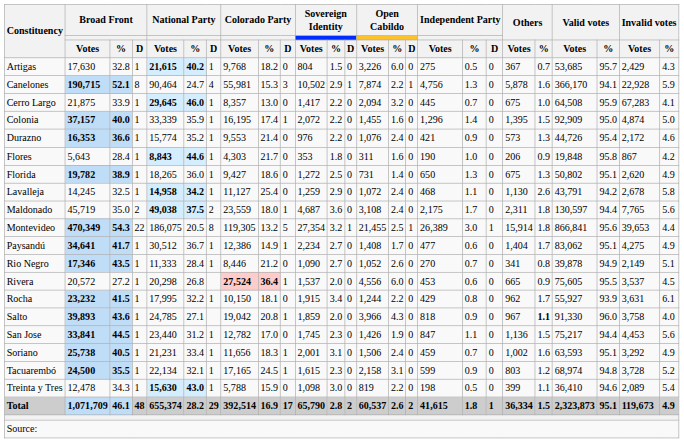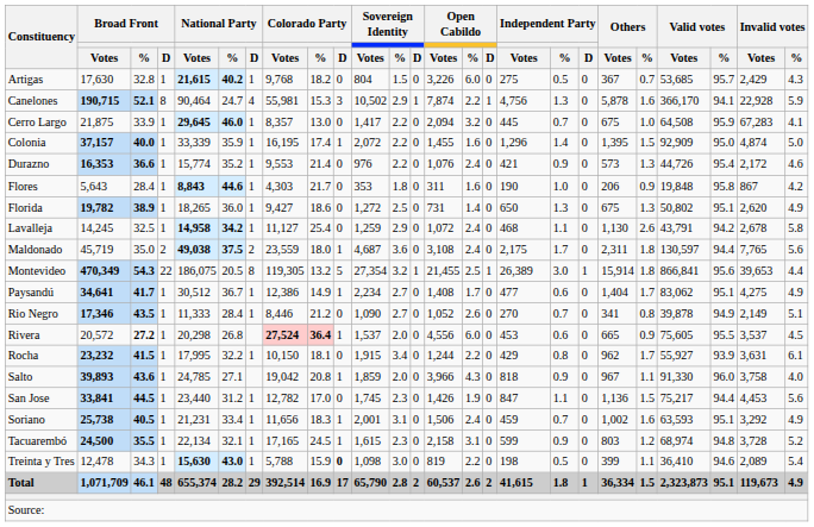 <table class="wikitable sortable collapsible collapsed tpl-blanktable" style="text-align:left; font-size:95%; line-height:20px;">
 <tr>
 <th rowspan="3">Constituency</th>
 <th colspan="3" width="30px" class="unsortable">Broad Front</th>
 <th colspan="3" width="30px" class="unsortable">National Party</th>
 <th colspan="3" width="30px" class="unsortable">Colorado Party</th>
 <th colspan="3" width="30px" class="unsortable">Sovereign Identity</th>
 <th colspan="3" width="30px" class="unsortable">Open Cabildo</th>
 <th colspan="3">Independent Party</th>
 <th colspan="2" rowspan="2">Others</th>
 <th colspan="2" rowspan="2">Valid votes</th>
 <th colspan="2" rowspan="2">Invalid votes</th>
 </tr>
 <tr>
 <th colspan="3" style="background:"></th>
 <th colspan="3" style="background:"></th>
 <th colspan="3" style="background:"></th>
 <th colspan="3" style="background:#002cfe"></th>
 <th colspan="3" style="background:#FBC22B"></th>
 <th colspan="3" style="background:"></th>
 </tr>
 <tr>
 <th data-sort-type="number">Votes</th>
 <th data-sort-type="number">%</th>
 <th>D</th>
 <th data-sort-type="number">Votes</th>
 <th data-sort-type="number">%</th>
 <th>D</th>
 <th data-sort-type="number">Votes</th>
 <th data-sort-type="number">%</th>
 <th>D</th>
 <th>Votes</th>
 <th>%</th>
 <th>D</th>
 <th data-sort-type="number">Votes</th>
 <th data-sort-type="number">%</th>
 <th>D</th>
 <th>Votes</th>
 <th>%</th>
 <th>D</th>
 <th>Votes</th>
 <th>%</th>
 <th>Votes</th>
 <th>%</th>
 <th>Votes</th>
 <th>%</th>
 </tr>
 <tr>
 <td align="left">Artigas</td>
 <td>17,630</td>
 <td>32.8</td>
 <td>1</td>
 <td style="background:#D4EDFF;"><strong>21,615</strong></td>
 <td style="background:#D4EDFF;"><strong>40.2</strong></td>
 <td>1</td>
 <td>9,768</td>
 <td>18.2</td>
 <td>0</td>
 <td>804</td>
 <td>1.5</td>
 <td>0</td>
 <td>3,226</td>
 <td>6.0</td>
 <td>0</td>
 <td>275</td>
 <td>0.5</td>
 <td>0</td>
 <td>367</td>
 <td>0.7</td>
 <td>53,685</td>
 <td>95.7</td>
 <td>2,429</td>
 <td>4.3</td>
 </tr>
 <tr>
 <td align="left">Canelones</td>
 <td style="background:#C0DDF8;"><strong>190,715</strong></td>
 <td style="background:#C0DDF8;"><strong>52.1</strong></td>
 <td>8</td>
 <td>90,464</td>
 <td>24.7</td>
 <td>4</td>
 <td>55,981</td>
 <td>15.3</td>
 <td>3</td>
 <td>10,502</td>
 <td>2.9</td>
 <td>1</td>
 <td>7,874</td>
 <td>2.2</td>
 <td>1</td>
 <td>4,756</td>
 <td>1.3</td>
 <td>0</td>
 <td>5,878</td>
 <td>1.6</td>
 <td>366,170</td>
 <td>94.1</td>
 <td>22,928</td>
 <td>5.9</td>
 </tr>
 <tr>
 <td align="left">Cerro Largo</td>
 <td>21,875</td>
 <td>33.9</td>
 <td>1</td>
 <td style="background:#D4EDFF;"><strong>29,645</strong></td>
 <td style="background:#D4EDFF;"><strong>46.0</strong></td>
 <td>1</td>
 <td>8,357</td>
 <td>13.0</td>
 <td>0</td>
 <td>1,417</td>
 <td>2.2</td>
 <td>0</td>
 <td>2,094</td>
 <td>3.2</td>
 <td>0</td>
 <td>445</td>
 <td>0.7</td>
 <td>0</td>
 <td>675</td>
 <td>1.0</td>
 <td>64,508</td>
 <td>95.9</td>
 <td>67,283</td>
 <td>4.1</td>
 </tr>
 <tr>
 <td align="left">Colonia</td>
 <td style="background:#C0DDF8;"><strong>37,157</strong></td>
 <td style="background:#C0DDF8;"><strong>40.0</strong></td>
 <td>1</td>
 <td>33,339</td>
 <td>35.9</td>
 <td>1</td>
 <td>16,195</td>
 <td>17.4</td>
 <td>1</td>
 <td>2,072</td>
 <td>2.2</td>
 <td>0</td>
 <td>1,455</td>
 <td>1.6</td>
 <td>0</td>
 <td>1,296</td>
 <td>1.4</td>
 <td>0</td>
 <td>1,395</td>
 <td>1.5</td>
 <td>92,909</td>
 <td>95.0</td>
 <td>4,874</td>
 <td>5.0</td>
 </tr>
 <tr>
 <td align="left">Durazno</td>
 <td style="background:#C0DDF8;"><strong>16,353</strong></td>
 <td style="background:#C0DDF8;"><strong>36.6</strong></td>
 <td>1</td>
 <td>15,774</td>
 <td>35.2</td>
 <td>1</td>
 <td>9,553</td>
 <td>21.4</td>
 <td>0</td>
 <td>976</td>
 <td>2.2</td>
 <td>0</td>
 <td>1,076</td>
 <td>2.4</td>
 <td>0</td>
 <td>421</td>
 <td>0.9</td>
 <td>0</td>
 <td>573</td>
 <td>1.3</td>
 <td>44,726</td>
 <td>95.4</td>
 <td>2,172</td>
 <td>4.6</td>
 </tr>
 <tr>
 <td align="left">Flores</td>
 <td>5,643</td>
 <td>28.4</td>
 <td>1</td>
 <td style="background:#D4EDFF;"><strong>8,843</strong></td>
 <td style="background:#D4EDFF;"><strong>44.6</strong></td>
 <td>1</td>
 <td>4,303</td>
 <td>21.7</td>
 <td>0</td>
 <td>353</td>
 <td>1.8</td>
 <td>0</td>
 <td>311</td>
 <td>1.6</td>
 <td>0</td>
 <td>190</td>
 <td>1.0</td>
 <td>0</td>
 <td>206</td>
 <td>0.9</td>
 <td>19,848</td>
 <td>95.8</td>
 <td>867</td>
 <td>4.2</td>
 </tr>
 <tr>
 <td align="left">Florida</td>
 <td style="background:#C0DDF8;"><strong>19,782</strong></td>
 <td style="background:#C0DDF8;"><strong>38.9</strong></td>
 <td>1</td>
 <td>18,265</td>
 <td>36.0</td>
 <td>1</td>
 <td>9,427</td>
 <td>18.6</td>
 <td>0</td>
 <td>1,272</td>
 <td>2.5</td>
 <td>0</td>
 <td>731</td>
 <td>1.4</td>
 <td>0</td>
 <td>650</td>
 <td>1.3</td>
 <td>0</td>
 <td>675</td>
 <td>1.3</td>
 <td>50,802</td>
 <td>95.1</td>
 <td>2,620</td>
 <td>4.9</td>
 </tr>
 <tr>
 <td align="left">Lavalleja</td>
 <td>14,245</td>
 <td>32.5</td>
 <td>1</td>
 <td style="background:#D4EDFF;"><strong>14,958</strong></td>
 <td style="background:#D4EDFF;"><strong>34.2</strong></td>
 <td>1</td>
 <td>11,127</td>
 <td>25.4</td>
 <td>0</td>
 <td>1,259</td>
 <td>2.9</td>
 <td>0</td>
 <td>1,072</td>
 <td>2.4</td>
 <td>0</td>
 <td>468</td>
 <td>1.1</td>
 <td>0</td>
 <td>1,130</td>
 <td>2.6</td>
 <td>43,791</td>
 <td>94.2</td>
 <td>2,678</td>
 <td>5.8</td>
 </tr>
 <tr>
 <td align="left">Maldonado</td>
 <td>45,719</td>
 <td>35.0</td>
 <td>2</td>
 <td style="background:#D4EDFF;"><strong>49,038</strong></td>
 <td style="background:#D4EDFF;"><strong>37.5</strong></td>
 <td>2</td>
 <td>23,559</td>
 <td>18.0</td>
 <td>1</td>
 <td>4,687</td>
 <td>3.6</td>
 <td>0</td>
 <td>3,108</td>
 <td>2.4</td>
 <td>0</td>
 <td>2,175</td>
 <td>1.7</td>
 <td>0</td>
 <td>2,311</td>
 <td>1.8</td>
 <td>130,597</td>
 <td>94.4</td>
 <td>7,765</td>
 <td>5.6</td>
 </tr>
 <tr>
 <td align="left">Montevideo</td>
 <td style="background:#C0DDF8;"><strong>470,349</strong></td>
 <td style="background:#C0DDF8;"><strong>54.3</strong></td>
 <td>22</td>
 <td>186,075</td>
 <td>20.5</td>
 <td>8</td>
 <td>119,305</td>
 <td>13.2</td>
 <td>5</td>
 <td>27,354</td>
 <td>3.2</td>
 <td>1</td>
 <td>21,455</td>
 <td>2.5</td>
 <td>1</td>
 <td>26,389</td>
 <td>3.0</td>
 <td>1</td>
 <td>15,914</td>
 <td>1.8</td>
 <td>866,841</td>
 <td>95.6</td>
 <td>39,653</td>
 <td>4.4</td>
 </tr>
 <tr>
 <td align="left">Paysandú</td>
 <td style="background:#C0DDF8;"><strong>34,641</strong></td>
 <td style="background:#C0DDF8;"><strong>41.7</strong></td>
 <td>1</td>
 <td>30,512</td>
 <td>36.7</td>
 <td>1</td>
 <td>12,386</td>
 <td>14.9</td>
 <td>1</td>
 <td>2,234</td>
 <td>2.7</td>
 <td>0</td>
 <td>1,408</td>
 <td>1.7</td>
 <td>0</td>
 <td>477</td>
 <td>0.6</td>
 <td>0</td>
 <td>1,404</td>
 <td>1.7</td>
 <td>83,062</td>
 <td>95.1</td>
 <td>4,275</td>
 <td>4.9</td>
 </tr>
 <tr>
 <td align="left">Rio Negro</td>
 <td style="background:#C0DDF8;"><strong>17,346</strong></td>
 <td style="background:#C0DDF8;"><strong>43.5</strong></td>
 <td>1</td>
 <td>11,333</td>
 <td>28.4</td>
 <td>1</td>
 <td>8,446</td>
 <td>21.2</td>
 <td>0</td>
 <td>1,090</td>
 <td>2.7</td>
 <td>0</td>
 <td>1,052</td>
 <td>2.6</td>
 <td>0</td>
 <td>270</td>
 <td>0.7</td>
 <td>0</td>
 <td>341</td>
 <td>0.8</td>
 <td>39,878</td>
 <td>94.9</td>
 <td>2,149</td>
 <td>5.1</td>
 </tr>
 <tr>
 <td align="left">Rivera</td>
 <td>20,572</td>
-<td>27.2</td>
+<td><strong>27.2</strong></td>
 <td>1</td>
 <td>20,298</td>
 <td>26.8</td>
 <td></td>
 <td style="background:#FFCCCC;"><strong>27,524</strong></td>
 <td style="background:#FFCCCC;"><strong>36.4</strong></td>
 <td>1</td>
 <td>1,537</td>
 <td>2.0</td>
 <td>0</td>
 <td>4,556</td>
 <td>6.0</td>
 <td>0</td>
 <td>453</td>
 <td>0.6</td>
 <td>0</td>
 <td>665</td>
 <td>0.9</td>
 <td>75,605</td>
 <td>95.5</td>
 <td>3,537</td>
 <td>4.5</td>
 </tr>
 <tr>
 <td align="left">Rocha</td>
 <td style="background:#C0DDF8;"><strong>23,232</strong></td>
 <td style="background:#C0DDF8;"><strong>41.5</strong></td>
 <td>1</td>
 <td>17,995</td>
 <td>32.2</td>
 <td>1</td>
 <td>10,150</td>
 <td>18.1</td>
 <td>0</td>
 <td>1,915</td>
 <td>3.4</td>
 <td>0</td>
 <td>1,244</td>
 <td>2.2</td>
 <td>0</td>
 <td>429</td>
 <td>0.8</td>
 <td>0</td>
 <td>962</td>
 <td>1.7</td>
 <td>55,927</td>
 <td>93.9</td>
 <td>3,631</td>
 <td>6.1</td>
 </tr>
 <tr>
 <td align="left">Salto</td>
 <td style="background:#C0DDF8;"><strong>39,893</strong></td>
 <td style="background:#C0DDF8;"><strong>43.6</strong></td>
 <td>1</td>
 <td>24,785</td>
 <td>27.1</td>
 <td></td>
 <td>19,042</td>
 <td>20.8</td>
 <td>1</td>
 <td>1,859</td>
 <td>2.0</td>
 <td>0</td>
 <td>3,966</td>
 <td>4.3</td>
 <td>0</td>
 <td>818</td>
 <td>0.9</td>
 <td>0</td>
 <td>967</td>
-<td><strong>1.1</strong></td>
+<td>1.1</td>
 <td>91,330</td>
 <td>96.0</td>
 <td>3,758</td>
 <td>4.0</td>
 </tr>
 <tr>
 <td align="left">San Jose</td>
 <td style="background:#C0DDF8;"><strong>33,841</strong></td>
 <td style="background:#C0DDF8;"><strong>44.5</strong></td>
 <td>1</td>
 <td>23,440</td>
 <td>31.2</td>
 <td>1</td>
 <td>12,782</td>
 <td>17.0</td>
 <td>0</td>
 <td>1,745</td>
 <td>2.3</td>
 <td>0</td>
 <td>1,426</td>
 <td>1.9</td>
 <td>0</td>
 <td>847</td>
 <td>1.1</td>
 <td>0</td>
 <td>1,136</td>
 <td>1.5</td>
 <td>75,217</td>
 <td>94.4</td>
 <td>4,453</td>
 <td>5.6</td>
 </tr>
 <tr>
 <td align="left">Soriano</td>
 <td style="background:#C0DDF8;"><strong>25,738</strong></td>
 <td style="background:#C0DDF8;"><strong>40.5</strong></td>
 <td>1</td>
 <td>21,231</td>
 <td>33.4</td>
 <td>1</td>
 <td>11,656</td>
 <td>18.3</td>
 <td>1</td>
 <td>2,001</td>
 <td>3.1</td>
 <td>0</td>
 <td>1,506</td>
 <td>2.4</td>
 <td>0</td>
 <td>459</td>
 <td>0.7</td>
 <td>0</td>
 <td>1,002</td>
 <td>1.6</td>
 <td>63,593</td>
 <td>95.1</td>
 <td>3,292</td>
 <td>4.9</td>
 </tr>
 <tr>
 <td align="left">Tacuarembó</td>
 <td style="background:#C0DDF8;"><strong>24,500</strong></td>
 <td style="background:#C0DDF8;"><strong>35.5</strong></td>
 <td>1</td>
 <td>22,134</td>
 <td>32.1</td>
 <td>1</td>
 <td>17,165</td>
 <td>24.5</td>
 <td>1</td>
 <td>1,615</td>
 <td>2.3</td>
 <td>0</td>
 <td>2,158</td>
 <td>3.1</td>
 <td>0</td>
 <td>599</td>
 <td>0.9</td>
 <td>0</td>
 <td>803</td>
 <td>1.2</td>
 <td>68,974</td>
 <td>94.8</td>
 <td>3,728</td>
 <td>5.2</td>
 </tr>
 <tr>
 <td align="left">Treinta y Tres</td>
 <td>12,478</td>
 <td>34.3</td>
 <td>1</td>
 <td style="background:#D4EDFF;"><strong>15,630</strong></td>
 <td style="background:#D4EDFF;"><strong>43.0</strong></td>
 <td>1</td>
 <td>5,788</td>
 <td>15.9</td>
-<td>0</td>
+<td><strong>0</strong></td>
 <td>1,098</td>
 <td>3.0</td>
 <td>0</td>
 <td>819</td>
 <td>2.2</td>
 <td>0</td>
 <td>198</td>
 <td>0.5</td>
 <td>0</td>
 <td>399</td>
 <td>1.1</td>
 <td>36,410</td>
 <td>94.6</td>
 <td>2,089</td>
 <td>5.4</td>
 </tr>
 <tr style="background:#CDCDCD;">
 <td align="left"><strong>Total</strong></td>
 <td style="background:#C0DDF8;"><strong>1,071,709</strong></td>
 <td style="background:#C0DDF8;"><strong>46.1</strong></td>
 <td><strong>48</strong></td>
 <td><strong>655,374</strong></td>
 <td><strong>28.2</strong></td>
 <td><strong>29</strong></td>
 <td><strong>392,514</strong></td>
 <td><strong>16.9</strong></td>
 <td><strong>17</strong></td>
 <td><strong>65,790</strong></td>
 <td><strong>2.8</strong></td>
 <td><strong>2</strong></td>
 <td><strong>60,537</strong></td>
 <td><strong>2.6</strong></td>
 <td><strong>2</strong></td>
 <td><strong>41,615</strong></td>
 <td><strong>1.8</strong></td>
 <td><strong>1</strong></td>
 <td><strong>36,334</strong></td>
 <td><strong>1.5</strong></td>
 <td><strong>2,323,873</strong></td>
 <td><strong>95.1</strong></td>
 <td><strong>119,673</strong></td>
 <td><strong>4.9</strong></td>
 </tr>
 <tr>
 <th colspan="25"></th>
 </tr>
 <tr>
 <th colspan="25" style="text-align:left; font-weight:normal; background:#F9F9F9">Source: </th>
 </tr>
 </table>
